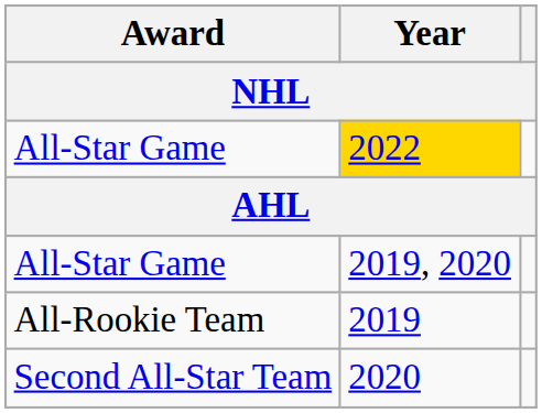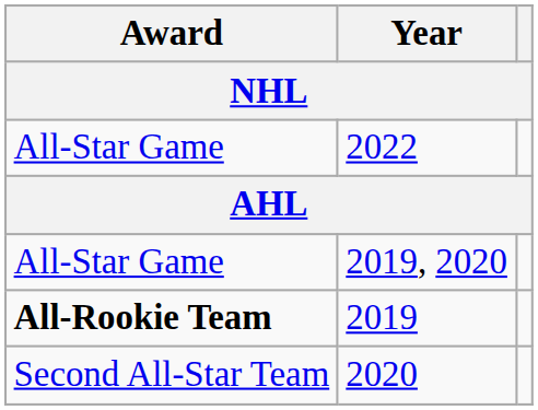 <table class="wikitable">
 <tr>
 <th>Award</th>
 <th>Year</th>
 <th></th>
 </tr>
 <tr>
 <th colspan="3"><a href='#'>NHL</a></th>
 </tr>
 <tr>
 <td><a href='#'>All-Star Game</a></td>
-<td style="background: gold;"><a href='#'>2022</a></td>
+<td><a href='#'>2022</a></td>
 <td></td>
 </tr>
 <tr>
 <th colspan="3"><a href='#'>AHL</a></th>
 </tr>
 <tr>
 <td><a href='#'>All-Star Game</a></td>
 <td><a href='#'>2019</a>, <a href='#'>2020</a></td>
 <td></td>
 </tr>
 <tr>
-<td>All-Rookie Team</td>
+<td><strong>All-Rookie Team</strong></td>
 <td><a href='#'>2019</a></td>
 <td></td>
 </tr>
 <tr>
 <td><a href='#'>Second All-Star Team</a></td>
 <td><a href='#'>2020</a></td>
 <td></td>
 </tr>
 </table>
